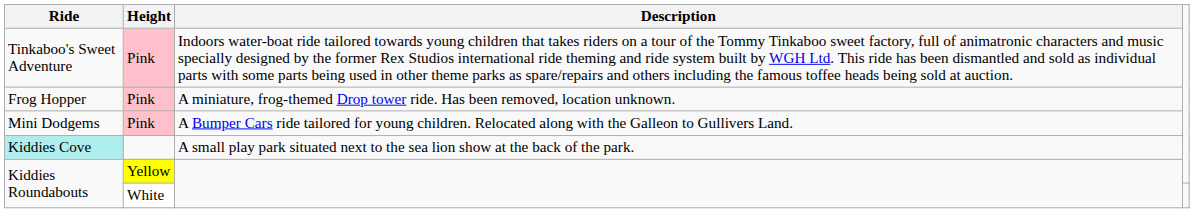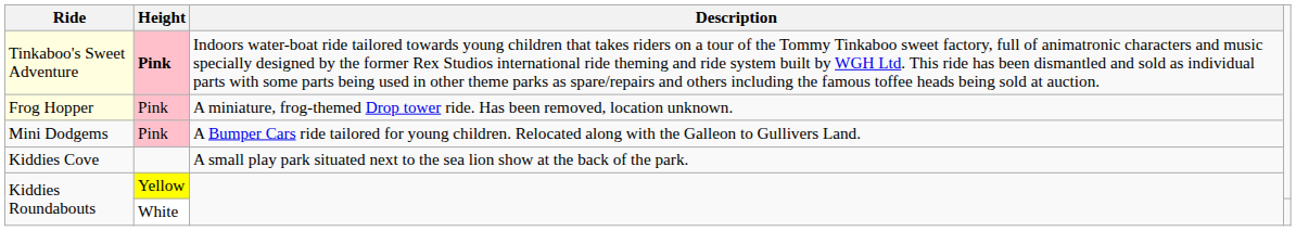 <table class="wikitable">
 <tr>
 <th>Ride</th>
 <th>Height</th>
 <th>Description</th>
 </tr>
 <tr>
-<td>Tinkaboo's Sweet Adventure</td>
-<td bgcolor=#FFC0CB>Pink</td>
+<td style="background: lightyellow;">Tinkaboo's Sweet Adventure</td>
+<td bgcolor=#FFC0CB><strong>Pink</strong></td>
 <td>Indoors water-boat ride tailored towards young children that takes riders on a tour of the Tommy Tinkaboo sweet factory, full of animatronic characters and music specially designed by the former Rex Studios international ride theming and ride system built by <a href='#'>WGH Ltd</a>. This ride has been dismantled and sold as individual parts with some parts being used in other theme parks as spare/repairs and others including the famous toffee heads being sold at auction.</td>
 </tr>
 <tr>
-<td>Frog Hopper</td>
+<td style="background: lightyellow;">Frog Hopper</td>
 <td bgcolor=#FFC0CB>Pink</td>
 <td>A miniature, frog-themed <a href='#'>Drop tower</a> ride. Has been removed, location unknown.</td>
 </tr>
 <tr>
 <td>Mini Dodgems</td>
 <td bgcolor=#FFC0CB>Pink</td>
 <td>A <a href='#'>Bumper Cars</a> ride tailored for young children. Relocated along with the Galleon to Gullivers Land.</td>
 </tr>
 <tr>
-<td style="background: paleturquoise;">Kiddies Cove</td>
+<td>Kiddies Cove</td>
 <td></td>
 <td>A small play park situated next to the sea lion show at the back of the park.</td>
 </tr>
 <tr>
 <td rowspan="2">Kiddies Roundabouts</td>
 <td bgcolor=#FFFF00>Yellow</td>
 <td rowspan="2"></td>
 </tr>
 <tr>
 <td bgcolor=#FFFFFF>White</td>
 <td></td>
 </tr>
 </table>
